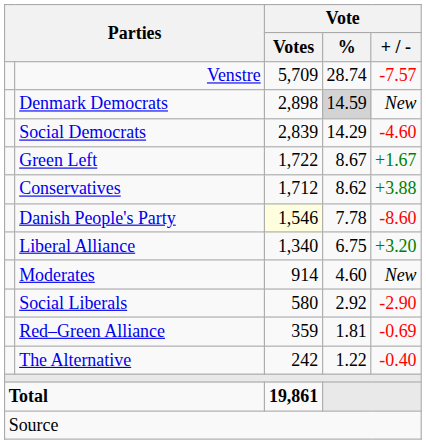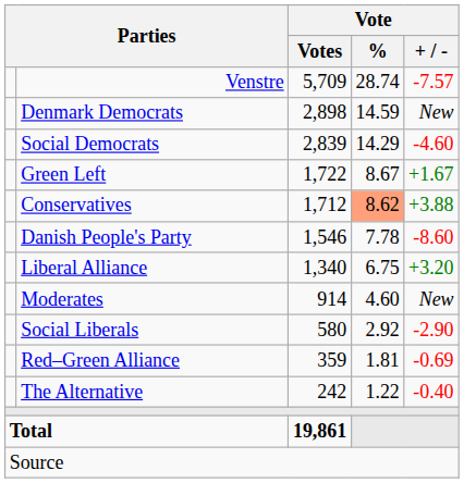 <table class="wikitable" style="text-align:right;">
 <tr>
 <th style="text-align:centre;" rowspan="2" colspan="2" width="225">Parties</th>
 <th colspan="3">Vote</th>
 </tr>
 <tr>
 <th width="15">Votes</th>
 <th width="15">%</th>
 <th width="15">+ / -</th>
 </tr>
 <tr>
 <td width=2 bgcolor=></td>
 <td><a href='#'>Venstre</a></td>
 <td>5,709</td>
 <td>28.74</td>
 <td style=color:red;>-7.57</td>
 </tr>
 <tr>
 <td width=2 bgcolor=></td>
 <td align=left><a href='#'>Denmark Democrats</a></td>
 <td>2,898</td>
-<td style="background: lightgrey;">14.59</td>
+<td>14.59</td>
 <td><em>New</em></td>
 </tr>
 <tr>
 <td width=2 bgcolor=></td>
 <td align=left><a href='#'>Social Democrats</a></td>
 <td>2,839</td>
 <td>14.29</td>
 <td style=color:red;>-4.60</td>
 </tr>
 <tr>
 <td width=2 bgcolor=></td>
 <td align=left><a href='#'>Green Left</a></td>
 <td>1,722</td>
 <td>8.67</td>
 <td style=color:green;>+1.67</td>
 </tr>
 <tr>
 <td width=2 bgcolor=></td>
 <td align=left><a href='#'>Conservatives</a></td>
 <td>1,712</td>
-<td>8.62</td>
+<td style="background: lightsalmon;">8.62</td>
 <td style=color:green;>+3.88</td>
 </tr>
 <tr>
 <td width=2 bgcolor=></td>
 <td align=left><a href='#'>Danish People's Party</a></td>
-<td style="background: lightyellow;">1,546</td>
+<td>1,546</td>
 <td>7.78</td>
 <td style=color:red;>-8.60</td>
 </tr>
 <tr>
 <td width=2 bgcolor=></td>
 <td align=left><a href='#'>Liberal Alliance</a></td>
 <td>1,340</td>
 <td>6.75</td>
 <td style=color:green;>+3.20</td>
 </tr>
 <tr>
 <td width=2 bgcolor=></td>
 <td align=left><a href='#'>Moderates</a></td>
 <td>914</td>
 <td>4.60</td>
 <td><em>New</em></td>
 </tr>
 <tr>
 <td width=2 bgcolor=></td>
 <td align=left><a href='#'>Social Liberals</a></td>
 <td>580</td>
 <td>2.92</td>
 <td style=color:red;>-2.90</td>
 </tr>
 <tr>
 <td width=2 bgcolor=></td>
 <td align=left><a href='#'>Red–Green Alliance</a></td>
 <td>359</td>
 <td>1.81</td>
 <td style=color:red;>-0.69</td>
 </tr>
 <tr>
 <td width=2 bgcolor=></td>
 <td align=left><a href='#'>The Alternative</a></td>
 <td>242</td>
 <td>1.22</td>
 <td style=color:red;>-0.40</td>
 </tr>
 <tr>
 <td colspan="7" bgcolor="#E9E9E9"></td>
 </tr>
 <tr>
 <td align="left" colspan="2"><strong>Total</strong></td>
 <td><strong>19,861</strong></td>
 <td bgcolor=#E9E9E9 colspan=2></td>
 </tr>
 <tr>
 <td align="left" colspan="6">Source</td>
 </tr>
 </table>
